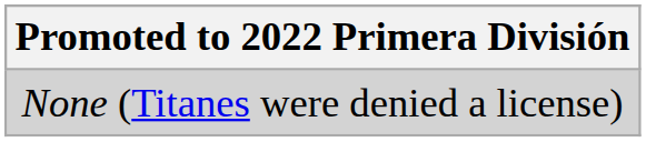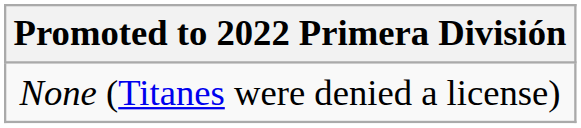 <table class="wikitable">
 <tr>
 <th colspan=2>Promoted to 2022 Primera División</th>
 </tr>
 <tr>
-<td align=center style="background: lightgrey;"><em>None</em> (<a href='#'>Titanes</a> were denied a license)</td>
+<td align=center><em>None</em> (<a href='#'>Titanes</a> were denied a license)</td>
 </tr>
 </table>
